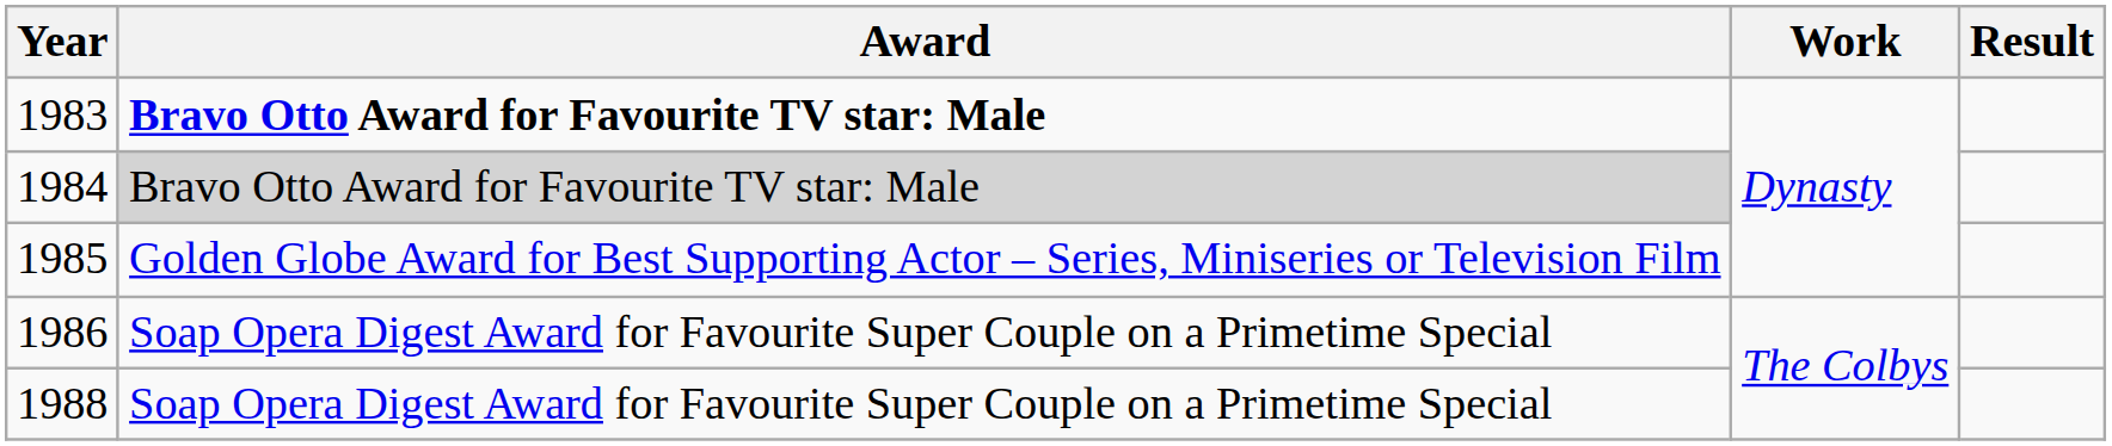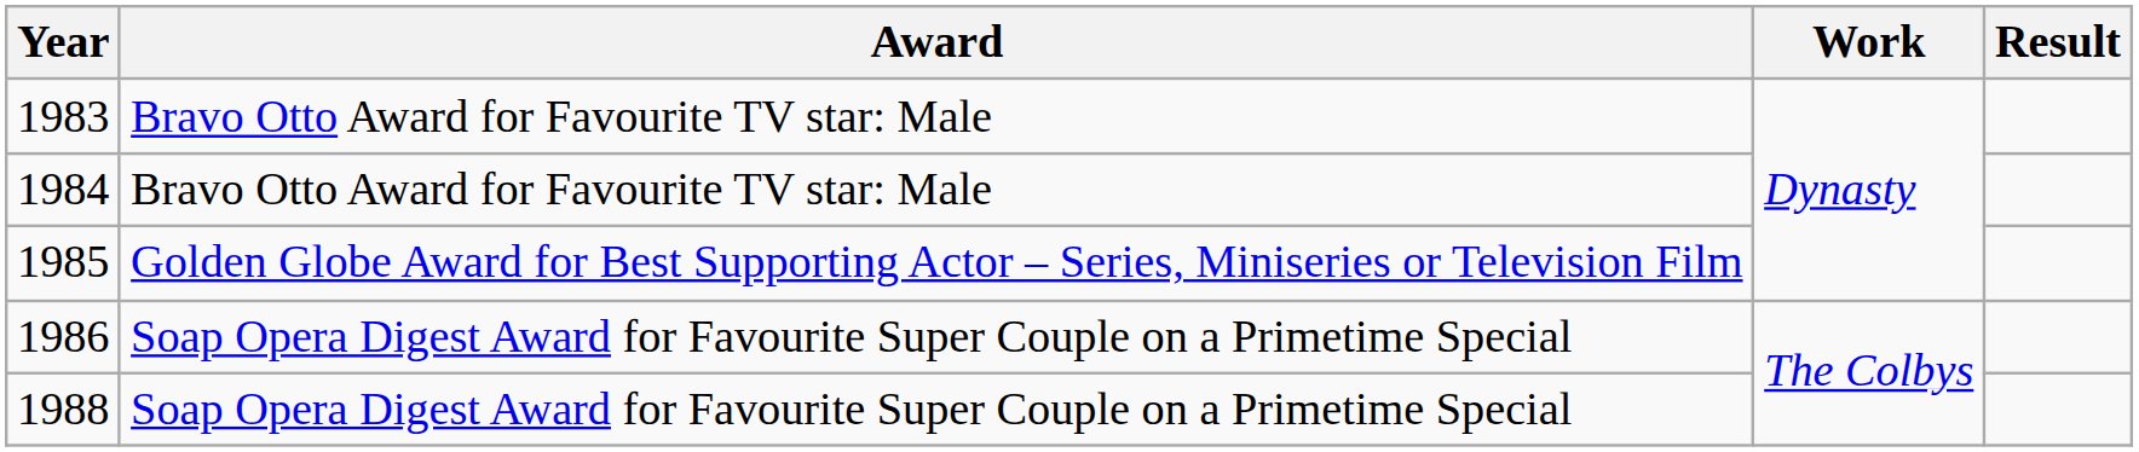 <table class=wikitable>
 <tr>
 <th>Year</th>
 <th>Award</th>
 <th>Work</th>
 <th>Result</th>
 </tr>
 <tr>
 <td>1983</td>
-<td><strong><a href='#'>Bravo Otto</a> Award for Favourite TV star: Male</strong></td>
+<td><a href='#'>Bravo Otto</a> Award for Favourite TV star: Male</td>
 <td rowspan=3><em><a href='#'>Dynasty</a></em></td>
 <td></td>
 </tr>
 <tr>
 <td>1984</td>
-<td style="background: lightgrey;">Bravo Otto Award for Favourite TV star: Male</td>
+<td>Bravo Otto Award for Favourite TV star: Male</td>
 <td></td>
 </tr>
 <tr>
 <td>1985</td>
 <td><a href='#'>Golden Globe Award for Best Supporting Actor – Series, Miniseries or Television Film</a></td>
 <td></td>
 </tr>
 <tr>
 <td>1986</td>
 <td><a href='#'>Soap Opera Digest Award</a> for Favourite Super Couple on a Primetime Special</td>
 <td rowspan=2><em><a href='#'>The Colbys</a></em></td>
 <td></td>
 </tr>
 <tr>
 <td>1988</td>
 <td><a href='#'>Soap Opera Digest Award</a> for Favourite Super Couple on a Primetime Special</td>
 <td></td>
 </tr>
 </table>
